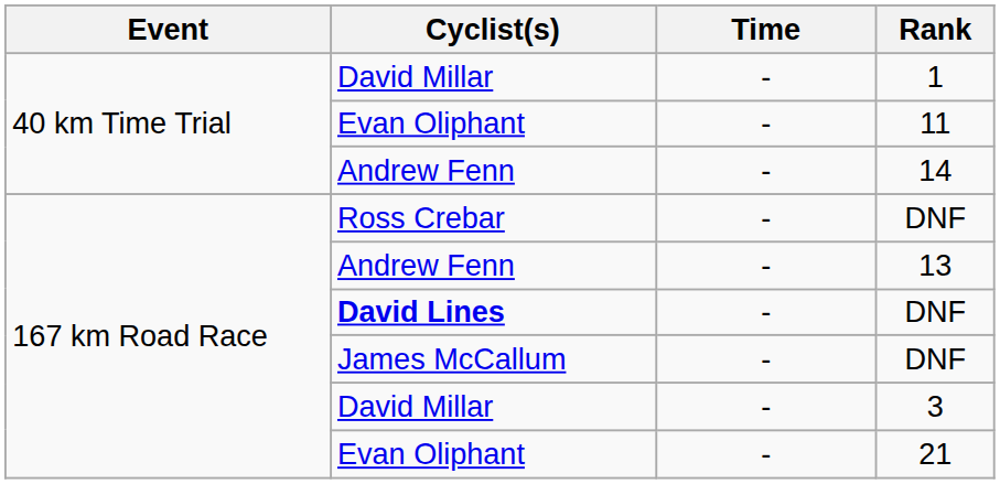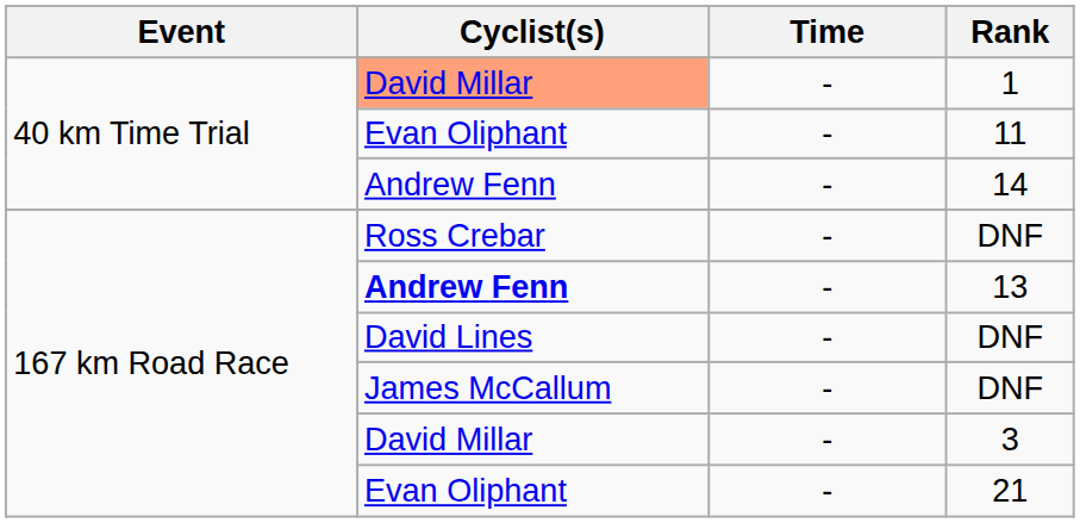 <table class=wikitable style="font-size:90%">
 <tr>
 <th width=150>Event</th>
 <th width=150>Cyclist(s)</th>
 <th width=100>Time</th>
 <th width=50>Rank</th>
 </tr>
 <tr>
 <td rowspan=3>40 km Time Trial</td>
-<td><a href='#'>David Millar</a></td>
+<td style="background: lightsalmon;"><a href='#'>David Millar</a></td>
 <td align="center">-</td>
 <td align="center">1</td>
 </tr>
 <tr>
 <td><a href='#'>Evan Oliphant</a></td>
 <td align="center">-</td>
 <td align="center">11</td>
 </tr>
 <tr>
 <td><a href='#'>Andrew Fenn</a></td>
 <td align="center">-</td>
 <td align="center">14</td>
 </tr>
 <tr>
 <td rowspan=6>167 km Road Race</td>
 <td><a href='#'>Ross Crebar</a></td>
 <td align="center">-</td>
 <td align="center">DNF</td>
 </tr>
 <tr>
-<td><a href='#'>Andrew Fenn</a></td>
+<td><strong><a href='#'>Andrew Fenn</a></strong></td>
 <td align="center">-</td>
 <td align="center">13</td>
 </tr>
 <tr>
-<td><strong><a href='#'>David Lines</a></strong></td>
+<td><a href='#'>David Lines</a></td>
 <td align="center">-</td>
 <td align="center">DNF</td>
 </tr>
 <tr>
 <td><a href='#'>James McCallum</a></td>
 <td align="center">-</td>
 <td align="center">DNF</td>
 </tr>
 <tr>
 <td><a href='#'>David Millar</a></td>
 <td align="center">-</td>
 <td align="center">3</td>
 </tr>
 <tr>
 <td><a href='#'>Evan Oliphant</a></td>
 <td align="center">-</td>
 <td align="center">21</td>
 </tr>
 </table>
